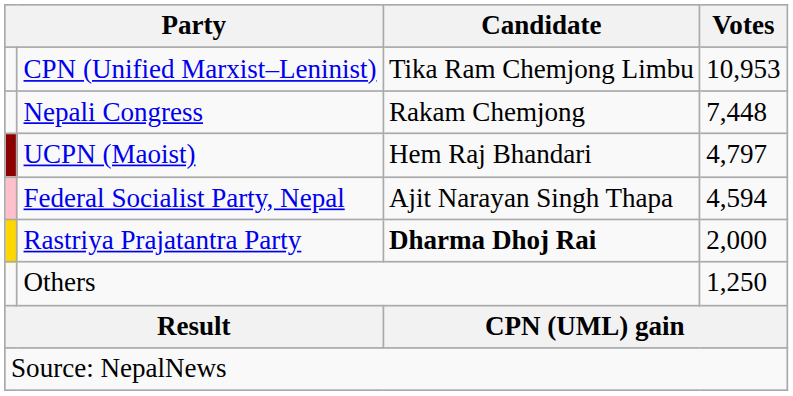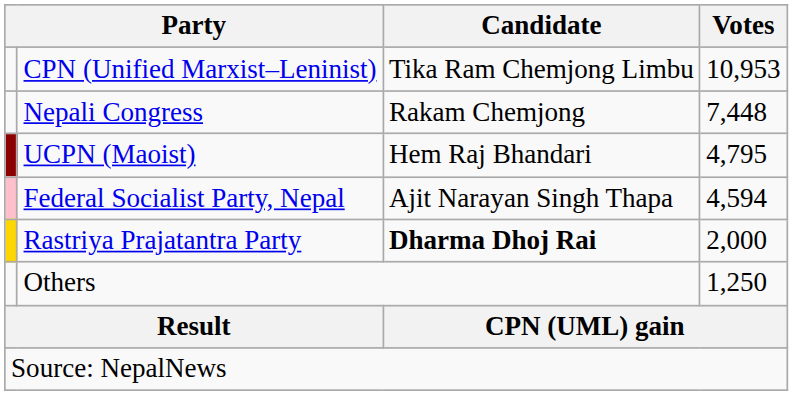 <table class="wikitable">
 <tr>
 <th colspan="2">Party</th>
 <th>Candidate</th>
 <th>Votes</th>
 </tr>
 <tr>
 <td style="background-color:"></td>
 <td><a href='#'>CPN (Unified Marxist–Leninist)</a></td>
 <td>Tika Ram Chemjong Limbu</td>
 <td>10,953</td>
 </tr>
 <tr>
 <td style="background-color:"></td>
 <td><a href='#'>Nepali Congress</a></td>
 <td>Rakam Chemjong</td>
 <td>7,448</td>
 </tr>
 <tr>
 <td style="background-color:darkred"></td>
 <td><a href='#'>UCPN (Maoist)</a></td>
 <td>Hem Raj Bhandari</td>
-<td>4,797</td>
+<td>4,795</td>
 </tr>
 <tr>
 <td style="background-color:#ffc0cb"></td>
 <td><a href='#'>Federal Socialist Party, Nepal</a></td>
 <td>Ajit Narayan Singh Thapa</td>
 <td>4,594</td>
 </tr>
 <tr>
 <td style="background-color:gold"></td>
 <td><a href='#'>Rastriya Prajatantra Party</a></td>
 <td><strong>Dharma Dhoj Rai</strong></td>
 <td>2,000</td>
 </tr>
 <tr>
 <td></td>
 <td colspan="2">Others</td>
 <td>1,250</td>
 </tr>
 <tr>
 <th colspan="2">Result</th>
 <th colspan="2">CPN (UML) gain</th>
 </tr>
 <tr>
 <td colspan="4">Source: NepalNews</td>
 </tr>
 </table>
